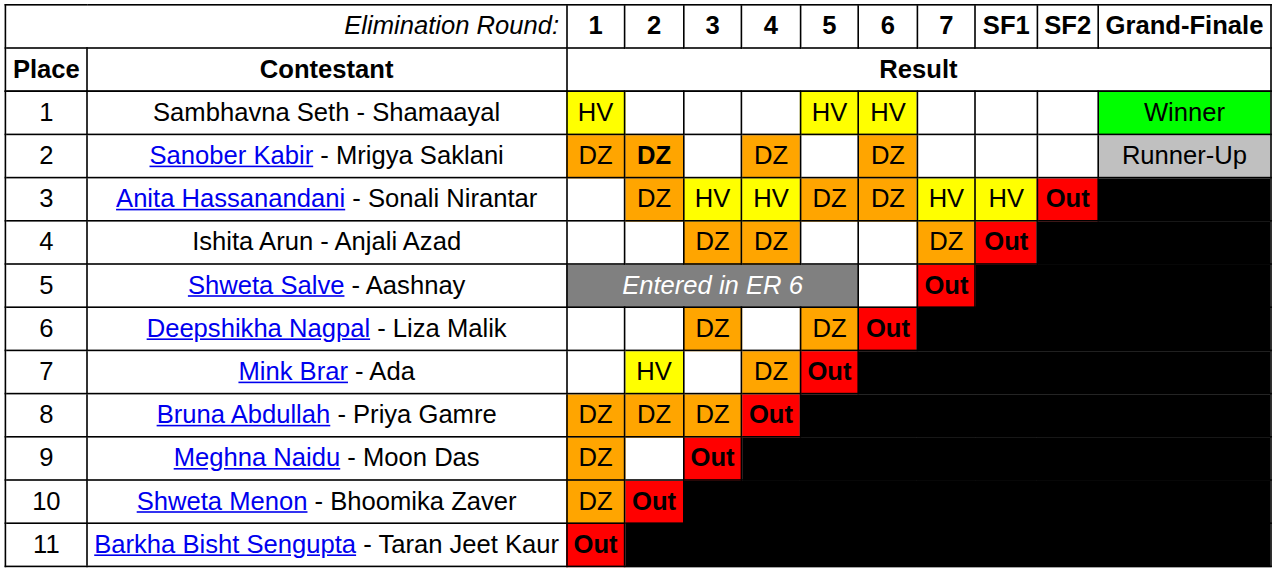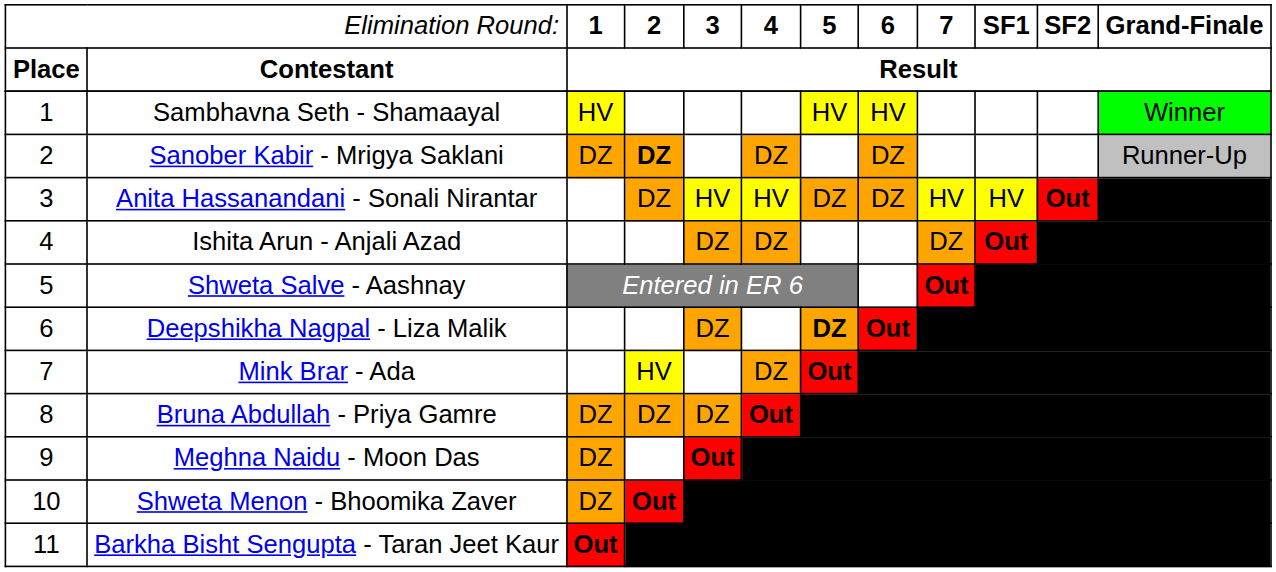 <table border="2" cellpadding="4" style="margin:1em auto; background:white; border:1px solid black; border-collapse:collapse; text-align:center;">
 <tr>
 <td colspan="2" align="right"><em>Elimination Round:</em></td>
 <th>1</th>
 <th>2</th>
 <th>3</th>
 <th>4</th>
 <th>5</th>
 <th>6</th>
 <th>7</th>
 <th>SF1</th>
 <th>SF2</th>
 <th>Grand-Finale</th>
 </tr>
 <tr>
 <th>Place</th>
 <th>Contestant</th>
 <th colspan="10" align="center">Result</th>
 </tr>
 <tr>
 </tr>
 <tr>
 <td align=>1</td>
 <td>Sambhavna Seth - Shamaayal</td>
 <td style="background:yellow; color:black">HV</td>
 <td></td>
 <td></td>
 <td></td>
 <td style="background:yellow; color:black">HV</td>
 <td style="background:yellow; color:black">HV</td>
 <td></td>
 <td></td>
 <td></td>
 <td style="background:lime; color:black">Winner</td>
 </tr>
 <tr>
 <td align=>2</td>
 <td><a href='#'>Sanober Kabir</a> - Mrigya Saklani</td>
 <td style="background:orange; color:black">DZ</td>
 <td style="background:orange; color:black"><strong>DZ</strong></td>
 <td></td>
 <td style="background:orange; color:black">DZ</td>
 <td></td>
 <td style="background:orange; color:black">DZ</td>
 <td></td>
 <td></td>
 <td></td>
 <td style="background:silver; color:black">Runner-Up</td>
 </tr>
 <tr>
 <td align=>3</td>
 <td><a href='#'>Anita Hassanandani</a> - Sonali Nirantar</td>
 <td></td>
 <td style="background:orange; color:black">DZ</td>
 <td style="background:yellow; color:black">HV</td>
 <td style="background:yellow; color:black">HV</td>
 <td style="background:orange; color:black">DZ</td>
 <td style="background:orange; color:black">DZ</td>
 <td style="background:yellow; color:black">HV</td>
 <td style="background:yellow; color:black">HV</td>
 <td style="background:red; color:black"><strong>Out</strong></td>
 <td style="background:Black; color:white" colspan=1></td>
 </tr>
 <tr>
 <td align=>4</td>
 <td>Ishita Arun - Anjali Azad</td>
 <td></td>
 <td></td>
 <td style="background:orange; color:black">DZ</td>
 <td style="background:orange; color:black">DZ</td>
 <td></td>
 <td></td>
 <td style="background:orange; color:black">DZ</td>
 <td style="background:red; color:black"><strong>Out</strong></td>
 <td style="background:Black; color:white" colspan=2></td>
 </tr>
 <tr>
 <td align=>5</td>
 <td><a href='#'>Shweta Salve</a> - Aashnay</td>
 <td style="background:gray; color:white" colspan=5><em>Entered in ER 6 </em></td>
 <td></td>
 <td style="background:red; color:black"><strong>Out</strong></td>
 <td style="background:Black; color:white" colspan=3></td>
 </tr>
 <tr>
 <td align=>6</td>
 <td><a href='#'>Deepshikha Nagpal</a> - Liza Malik</td>
 <td></td>
 <td></td>
 <td style="background:orange; color:black">DZ</td>
 <td></td>
-<td style="background:orange; color:black">DZ</td>
+<td style="background:orange; color:black"><strong>DZ</strong></td>
 <td style="background:red; color:black"><strong>Out</strong></td>
 <td style="background:Black; color:white" colspan=4></td>
 </tr>
 <tr>
 <td align=>7</td>
 <td><a href='#'>Mink Brar</a> - Ada</td>
 <td></td>
 <td style="background:yellow; color:black">HV</td>
 <td></td>
 <td style="background:orange; color:black">DZ</td>
 <td style="background:red; color:black"><strong>Out</strong></td>
 <td style="background:Black; color:white" colspan=5></td>
 </tr>
 <tr>
 <td align=>8</td>
 <td><a href='#'>Bruna Abdullah</a> - Priya Gamre</td>
 <td style="background:orange; color:black">DZ</td>
 <td style="background:orange; color:black">DZ</td>
 <td style="background:orange; color:black">DZ</td>
 <td style="background:red; color:black"><strong>Out</strong></td>
 <td style="background:Black; color:white" colspan=6></td>
 </tr>
 <tr>
 <td align=>9</td>
 <td><a href='#'>Meghna Naidu</a> - Moon Das</td>
 <td style="background:orange; color:black">DZ</td>
 <td></td>
 <td style="background:red; color:black"><strong>Out</strong></td>
 <td style="background:Black; color:white" colspan=7></td>
 </tr>
 <tr>
 <td align=>10</td>
 <td><a href='#'>Shweta Menon</a> - Bhoomika Zaver</td>
 <td style="background:orange; color:black">DZ</td>
 <td style="background:red; color:black"><strong>Out</strong></td>
 <td style="background:Black; color:white" colspan=8></td>
 </tr>
 <tr>
 <td align=>11</td>
 <td><a href='#'>Barkha Bisht Sengupta</a> - Taran Jeet Kaur</td>
 <td style="background:red; color:black"><strong>Out</strong></td>
 <td style="background:Black; color:white" colspan=9></td>
 </tr>
 </table>
